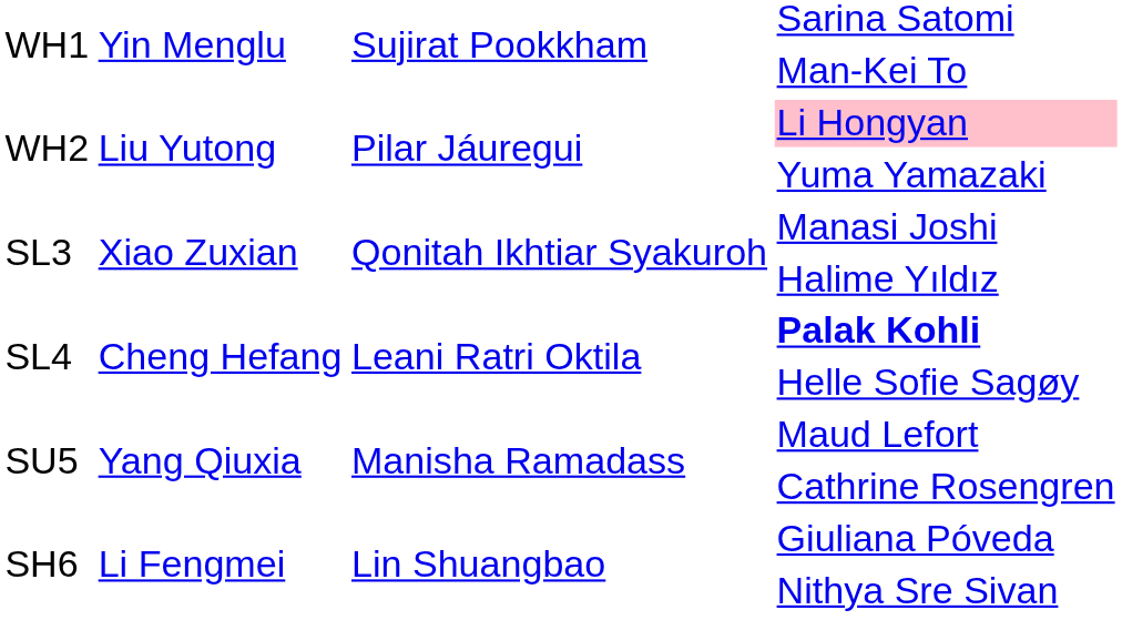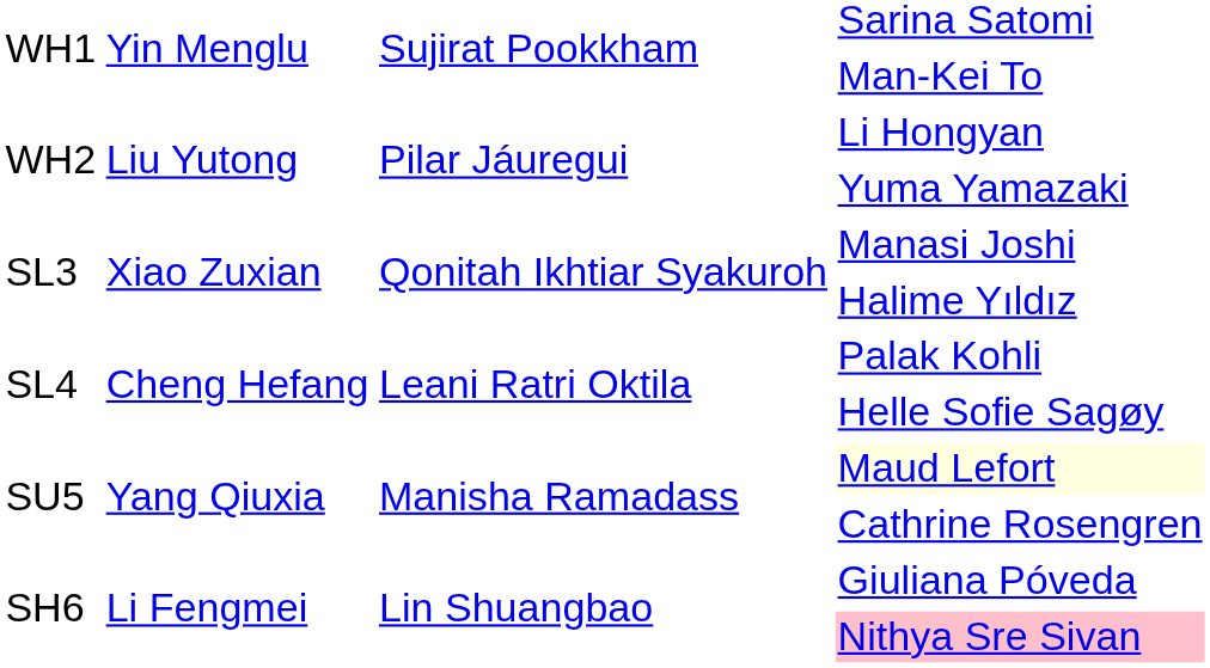 <table>
 <tr>
 <td rowspan="2">WH1</td>
 <td rowspan="2"> <a href='#'>Yin Menglu</a></td>
 <td rowspan="2"> <a href='#'>Sujirat Pookkham</a></td>
 <td> <a href='#'>Sarina Satomi</a></td>
 </tr>
 <tr>
 <td> <a href='#'>Man-Kei To</a></td>
 </tr>
 <tr>
 <td rowspan="2">WH2</td>
 <td rowspan="2"> <a href='#'>Liu Yutong</a></td>
 <td rowspan="2"> <a href='#'>Pilar Jáuregui</a></td>
-<td style="background: pink;"> <a href='#'>Li Hongyan</a></td>
+<td> <a href='#'>Li Hongyan</a></td>
 </tr>
 <tr>
 <td> <a href='#'>Yuma Yamazaki</a></td>
 </tr>
 <tr>
 <td rowspan="2">SL3</td>
 <td rowspan="2"> <a href='#'>Xiao Zuxian</a></td>
 <td rowspan="2"> <a href='#'>Qonitah Ikhtiar Syakuroh</a></td>
 <td> <a href='#'>Manasi Joshi</a></td>
 </tr>
 <tr>
 <td> <a href='#'>Halime Yıldız</a></td>
 </tr>
 <tr>
 <td rowspan="2">SL4</td>
 <td rowspan="2"> <a href='#'>Cheng Hefang</a></td>
 <td rowspan="2"> <a href='#'>Leani Ratri Oktila</a></td>
-<td><strong> <a href='#'>Palak Kohli</a></strong></td>
+<td> <a href='#'>Palak Kohli</a></td>
 </tr>
 <tr>
 <td> <a href='#'>Helle Sofie Sagøy</a></td>
 </tr>
 <tr>
 <td rowspan="2">SU5</td>
 <td rowspan="2"> <a href='#'>Yang Qiuxia</a></td>
 <td rowspan="2"> <a href='#'>Manisha Ramadass</a></td>
-<td> <a href='#'>Maud Lefort</a></td>
+<td style="background: lightyellow;"> <a href='#'>Maud Lefort</a></td>
 </tr>
 <tr>
 <td> <a href='#'>Cathrine Rosengren</a></td>
 </tr>
 <tr>
 <td rowspan="2">SH6</td>
 <td rowspan="2"> <a href='#'>Li Fengmei</a></td>
 <td rowspan="2"> <a href='#'>Lin Shuangbao</a></td>
 <td> <a href='#'>Giuliana Póveda</a></td>
 </tr>
 <tr>
-<td> <a href='#'>Nithya Sre Sivan</a></td>
+<td style="background: pink;"> <a href='#'>Nithya Sre Sivan</a></td>
 </tr>
 </table>
